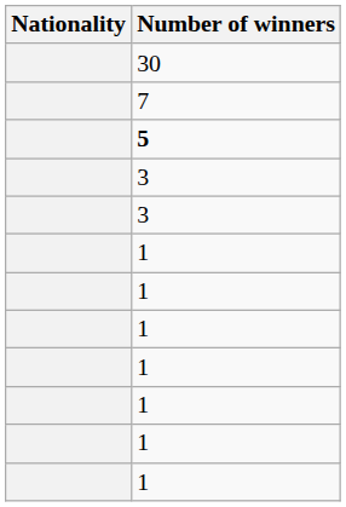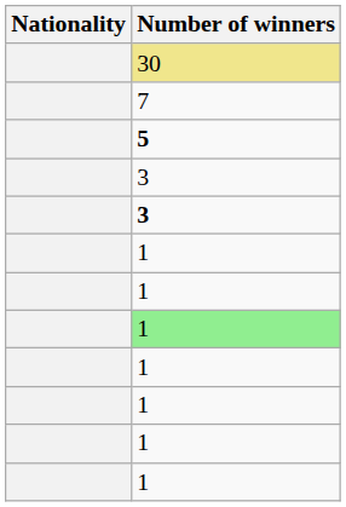 <table class="wikitable plainrowheaders">
 <tr>
 <th scope="col">Nationality</th>
 <th scope="col">Number of winners</th>
 </tr>
 <tr>
 <th scope="row"></th>
-<td>30</td>
+<td style="background: khaki;">30</td>
 </tr>
 <tr>
 <th scope="row"></th>
 <td>7</td>
 </tr>
 <tr>
 <th scope="row"></th>
 <td><strong>5</strong></td>
 </tr>
 <tr>
 <th scope="row"></th>
 <td>3</td>
 </tr>
 <tr>
 <th scope="row"></th>
-<td>3</td>
+<td><strong>3</strong></td>
 </tr>
 <tr>
 <th scope="row"></th>
 <td>1</td>
 </tr>
 <tr>
 <th scope="row"></th>
 <td>1</td>
 </tr>
 <tr>
 <th scope="row"></th>
-<td>1</td>
+<td style="background: lightgreen;">1</td>
 </tr>
 <tr>
 <th scope="row"></th>
 <td>1</td>
 </tr>
 <tr>
 <th scope="row"></th>
 <td>1</td>
 </tr>
 <tr>
 <th scope="row"></th>
 <td>1</td>
 </tr>
 <tr>
 <th scope="row"></th>
 <td>1</td>
 </tr>
 </table>
